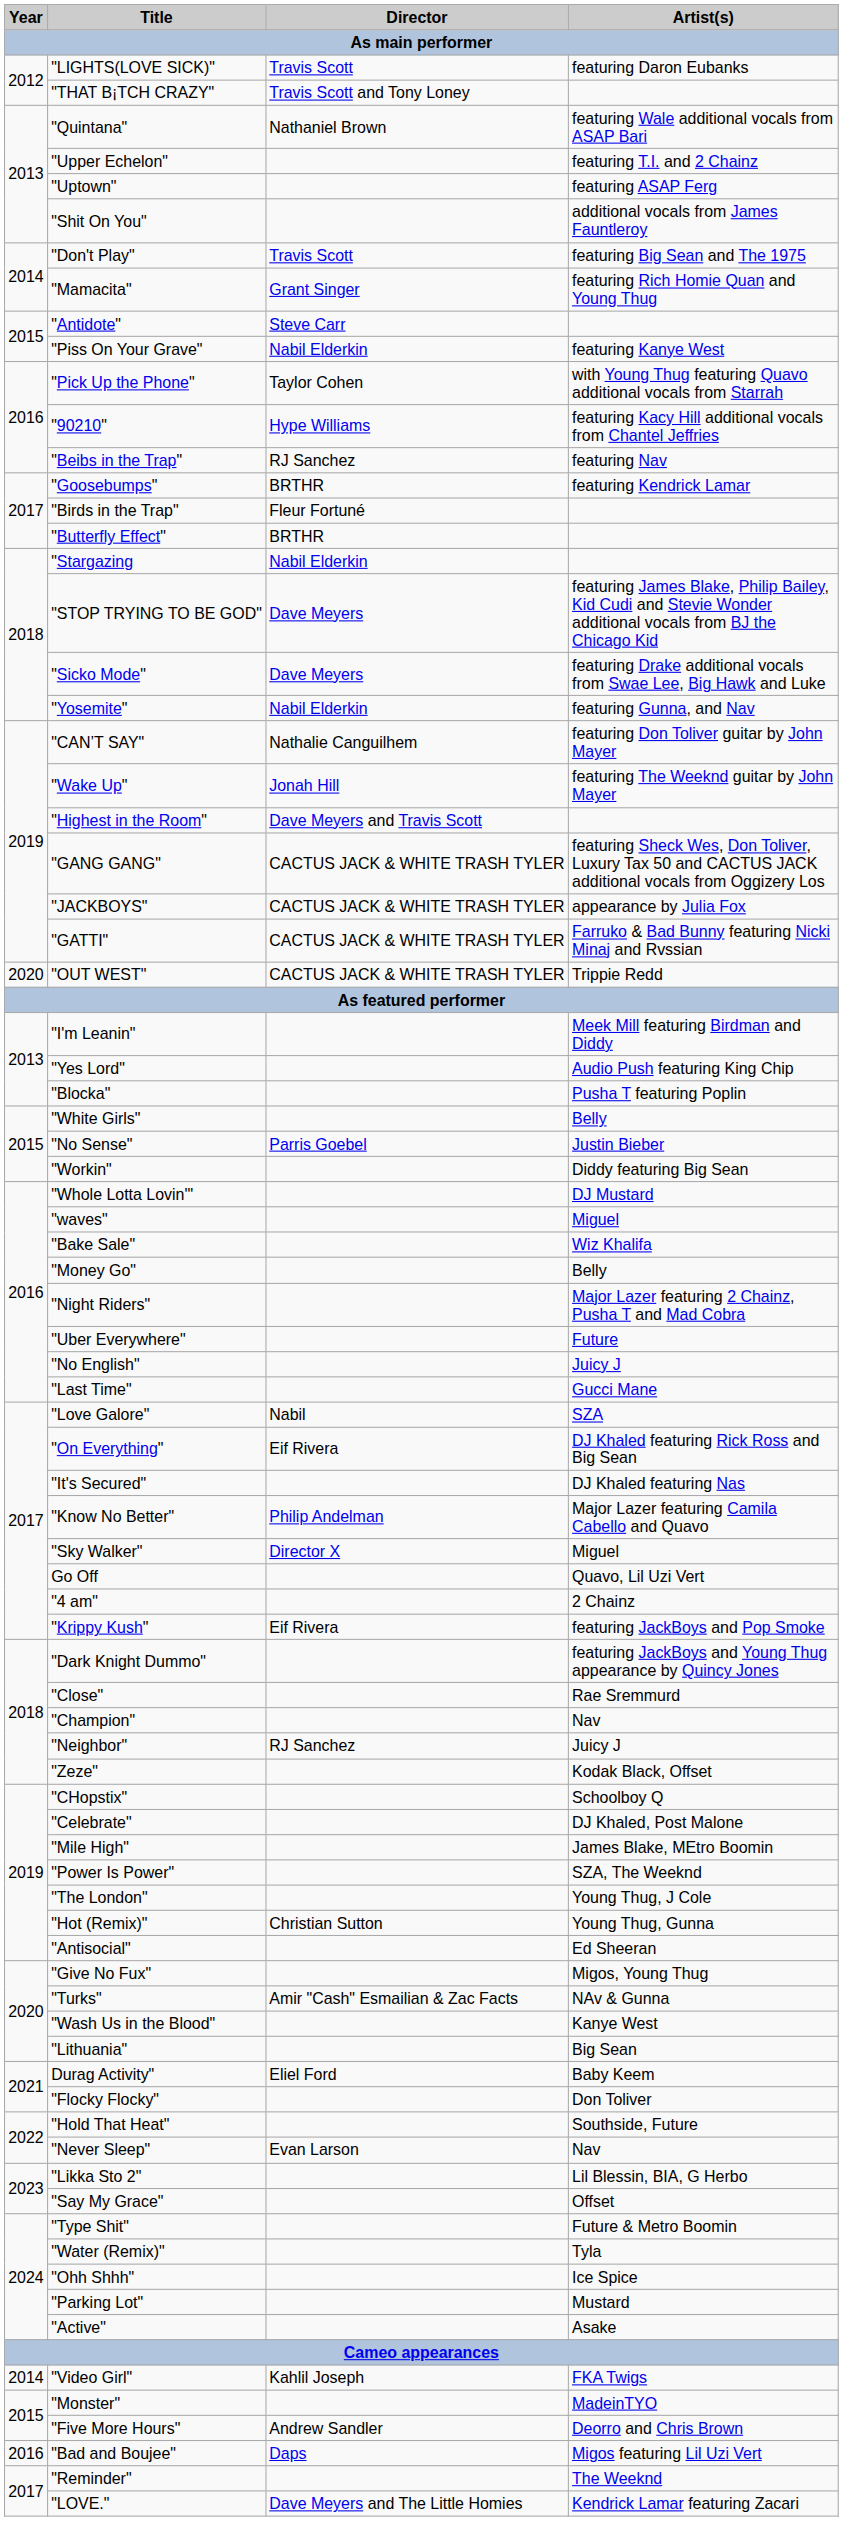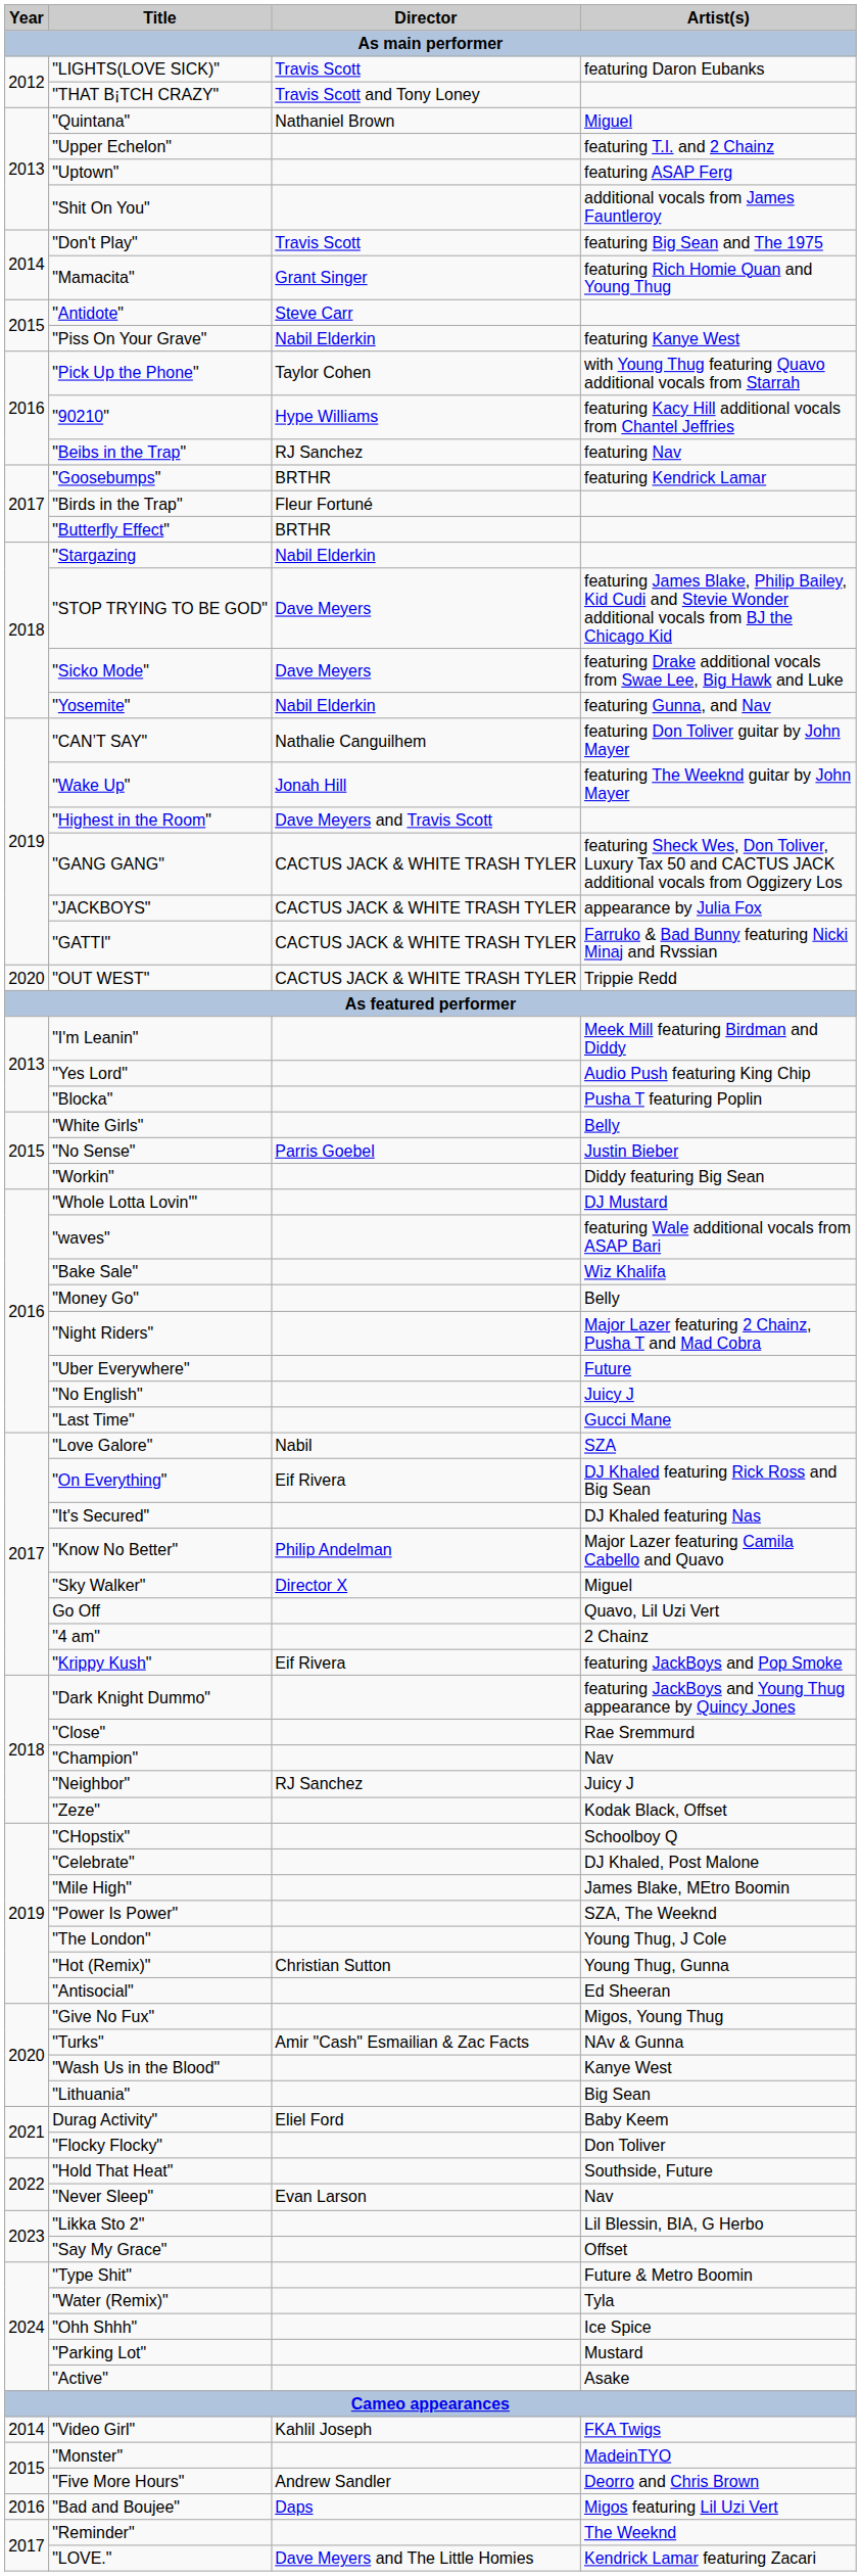 <table class="wikitable" style="font-size:95%">
 <tr>
 <th style="background:#ccc;">Year</th>
 <th style="background:#ccc;">Title</th>
 <th style="background:#ccc;">Director</th>
 <th style="background:#ccc;width:250px">Artist(s)</th>
 </tr>
 <tr style="text-align:center;">
 <th colspan="4" style="background:#B0C4DE;">As main performer</th>
 </tr>
 <tr>
 <td rowspan="2" style="text-align:center;">2012</td>
 <td>"LIGHTS(LOVE SICK)"</td>
 <td><a href='#'>Travis Scott</a></td>
 <td>featuring Daron Eubanks</td>
 </tr>
 <tr>
 <td>"THAT B¡TCH CRAZY"</td>
 <td><a href='#'>Travis Scott</a> and Tony Loney</td>
 <td></td>
 </tr>
 <tr>
 <td rowspan="4" style="text-align:center;">2013</td>
 <td>"Quintana"</td>
 <td>Nathaniel Brown</td>
-<td>featuring <a href='#'>Wale</a> additional vocals from <a href='#'>ASAP Bari</a></td>
+<td><a href='#'>Miguel</a></td>
 </tr>
 <tr>
 <td>"Upper Echelon"</td>
 <td></td>
 <td>featuring <a href='#'>T.I.</a> and <a href='#'>2 Chainz</a></td>
 </tr>
 <tr>
 <td>"Uptown"</td>
 <td></td>
 <td>featuring <a href='#'>ASAP Ferg</a></td>
 </tr>
 <tr>
 <td>"Shit On You"</td>
 <td></td>
 <td>additional vocals from <a href='#'>James Fauntleroy</a></td>
 </tr>
 <tr>
 <td rowspan="2" style="text-align:center;">2014</td>
 <td>"Don't Play"</td>
 <td><a href='#'>Travis Scott</a></td>
 <td>featuring <a href='#'>Big Sean</a> and <a href='#'>The 1975</a></td>
 </tr>
 <tr>
 <td>"Mamacita"</td>
 <td><a href='#'>Grant Singer</a></td>
 <td>featuring <a href='#'>Rich Homie Quan</a> and <a href='#'>Young Thug</a></td>
 </tr>
 <tr>
 <td rowspan="2" style="text-align:center;">2015</td>
 <td>"<a href='#'>Antidote</a>"</td>
 <td><a href='#'>Steve Carr</a></td>
 <td></td>
 </tr>
 <tr>
 <td>"Piss On Your Grave"</td>
 <td><a href='#'>Nabil Elderkin</a></td>
 <td>featuring <a href='#'>Kanye West</a></td>
 </tr>
 <tr>
 <td rowspan="3">2016</td>
 <td>"<a href='#'>Pick Up the Phone</a>"</td>
 <td>Taylor Cohen</td>
 <td>with <a href='#'>Young Thug</a> featuring <a href='#'>Quavo</a> additional vocals from <a href='#'>Starrah</a></td>
 </tr>
 <tr>
 <td>"<a href='#'>90210</a>"</td>
 <td><a href='#'>Hype Williams</a></td>
 <td>featuring <a href='#'>Kacy Hill</a> additional vocals from <a href='#'>Chantel Jeffries</a></td>
 </tr>
 <tr>
 <td>"<a href='#'>Beibs in the Trap</a>"</td>
 <td>RJ Sanchez</td>
 <td>featuring <a href='#'>Nav</a></td>
 </tr>
 <tr>
 <td rowspan="3">2017</td>
 <td>"<a href='#'>Goosebumps</a>"</td>
 <td>BRTHR</td>
 <td>featuring <a href='#'>Kendrick Lamar</a></td>
 </tr>
 <tr>
 <td>"Birds in the Trap"</td>
 <td>Fleur Fortuné</td>
 <td></td>
 </tr>
 <tr>
 <td>"<a href='#'>Butterfly Effect</a>"</td>
 <td>BRTHR</td>
 <td></td>
 </tr>
 <tr>
 <td rowspan="4" style="text-align:center;">2018</td>
 <td>"<a href='#'>Stargazing</a></td>
 <td><a href='#'>Nabil Elderkin</a></td>
 <td></td>
 </tr>
 <tr>
 <td>"STOP TRYING TO BE GOD"</td>
 <td><a href='#'>Dave Meyers</a></td>
 <td>featuring <a href='#'>James Blake</a>, <a href='#'>Philip Bailey</a>, <a href='#'>Kid Cudi</a> and <a href='#'>Stevie Wonder</a> additional vocals from <a href='#'>BJ the Chicago Kid</a></td>
 </tr>
 <tr>
 <td>"<a href='#'>Sicko Mode</a>"</td>
 <td><a href='#'>Dave Meyers</a></td>
 <td>featuring <a href='#'>Drake</a> additional vocals from <a href='#'>Swae Lee</a>, <a href='#'>Big Hawk</a> and Luke</td>
 </tr>
 <tr>
 <td>"<a href='#'>Yosemite</a>"</td>
 <td><a href='#'>Nabil Elderkin</a></td>
 <td>featuring <a href='#'>Gunna</a>, and <a href='#'>Nav</a></td>
 </tr>
 <tr>
 <td rowspan="6" style="text-align:center;">2019</td>
 <td>"CAN’T SAY"</td>
 <td>Nathalie Canguilhem</td>
 <td>featuring <a href='#'>Don Toliver</a> guitar by <a href='#'>John Mayer</a></td>
 </tr>
 <tr>
 <td>"<a href='#'>Wake Up</a>"</td>
 <td><a href='#'>Jonah Hill</a></td>
 <td>featuring <a href='#'>The Weeknd</a> guitar by <a href='#'>John Mayer</a></td>
 </tr>
 <tr>
 <td>"<a href='#'>Highest in the Room</a>"</td>
 <td><a href='#'>Dave Meyers</a> and <a href='#'>Travis Scott</a></td>
 <td></td>
 </tr>
 <tr>
 <td>"GANG GANG"</td>
 <td>CACTUS JACK & WHITE TRASH TYLER</td>
 <td>featuring <a href='#'>Sheck Wes</a>, <a href='#'>Don Toliver</a>, Luxury Tax 50 and CACTUS JACK additional vocals from Oggizery Los</td>
 </tr>
 <tr>
 <td>"JACKBOYS"</td>
 <td>CACTUS JACK & WHITE TRASH TYLER</td>
 <td>appearance by <a href='#'>Julia Fox</a></td>
 </tr>
 <tr>
 <td>"GATTI"</td>
 <td>CACTUS JACK & WHITE TRASH TYLER</td>
 <td><a href='#'>Farruko</a> & <a href='#'>Bad Bunny</a> featuring <a href='#'>Nicki Minaj</a> and Rvssian</td>
 </tr>
 <tr>
 <td rowspan="1" style="text-align:center;">2020</td>
 <td>"OUT WEST"</td>
 <td>CACTUS JACK & WHITE TRASH TYLER</td>
 <td>Trippie Redd</td>
 </tr>
 <tr>
 <th colspan="4" style="background:#B0C4DE;">As featured performer</th>
 </tr>
 <tr>
 <td style="text-align:center;" rowspan="3">2013</td>
 <td>"I'm Leanin"</td>
 <td></td>
 <td><a href='#'>Meek Mill</a> featuring <a href='#'>Birdman</a> and <a href='#'>Diddy</a></td>
 </tr>
 <tr>
 <td>"Yes Lord"</td>
 <td></td>
 <td><a href='#'>Audio Push</a> featuring King Chip</td>
 </tr>
 <tr>
 <td>"Blocka"</td>
 <td></td>
 <td><a href='#'>Pusha T</a> featuring Poplin</td>
 </tr>
 <tr>
 <td style="text-align:center;" rowspan="3">2015</td>
 <td>"White Girls"</td>
 <td></td>
 <td><a href='#'>Belly</a></td>
 </tr>
 <tr>
 <td>"No Sense"</td>
 <td><a href='#'>Parris Goebel</a></td>
 <td><a href='#'>Justin Bieber</a></td>
 </tr>
 <tr>
 <td>"Workin"</td>
 <td></td>
 <td>Diddy featuring Big Sean</td>
 </tr>
 <tr>
 <td style="text-align:center;" rowspan="8">2016</td>
 <td>"Whole Lotta Lovin'"</td>
 <td></td>
 <td><a href='#'>DJ Mustard</a></td>
 </tr>
 <tr>
 <td>"waves"</td>
 <td></td>
-<td><a href='#'>Miguel</a></td>
+<td>featuring <a href='#'>Wale</a> additional vocals from <a href='#'>ASAP Bari</a></td>
 </tr>
 <tr>
 <td>"Bake Sale"</td>
 <td></td>
 <td><a href='#'>Wiz Khalifa</a></td>
 </tr>
 <tr>
 <td>"Money Go"</td>
 <td></td>
 <td>Belly</td>
 </tr>
 <tr>
 <td>"Night Riders"</td>
 <td></td>
 <td><a href='#'>Major Lazer</a> featuring <a href='#'>2 Chainz</a>, <a href='#'>Pusha T</a> and <a href='#'>Mad Cobra</a></td>
 </tr>
 <tr>
 <td>"Uber Everywhere"</td>
 <td></td>
 <td><a href='#'>Future</a></td>
 </tr>
 <tr>
 <td>"No English"</td>
 <td></td>
 <td><a href='#'>Juicy J</a></td>
 </tr>
 <tr>
 <td>"Last Time"</td>
 <td></td>
 <td><a href='#'>Gucci Mane</a></td>
 </tr>
 <tr>
 <td rowspan="8" style="text-align:center;">2017</td>
 <td>"Love Galore"</td>
 <td>Nabil</td>
 <td><a href='#'>SZA</a></td>
 </tr>
 <tr>
 <td>"<a href='#'>On Everything</a>"</td>
 <td>Eif Rivera</td>
 <td><a href='#'>DJ Khaled</a> featuring <a href='#'>Rick Ross</a> and Big Sean</td>
 </tr>
 <tr>
 <td>"It's Secured"</td>
 <td></td>
 <td>DJ Khaled featuring <a href='#'>Nas</a></td>
 </tr>
 <tr>
 <td>"Know No Better"</td>
 <td><a href='#'>Philip Andelman</a></td>
 <td>Major Lazer featuring <a href='#'>Camila Cabello</a> and Quavo</td>
 </tr>
 <tr>
 <td>"Sky Walker"</td>
 <td><a href='#'>Director X</a></td>
 <td>Miguel</td>
 </tr>
 <tr>
 <td>Go Off</td>
 <td></td>
 <td>Quavo, Lil Uzi Vert</td>
 </tr>
 <tr>
 <td>"4 am"</td>
 <td></td>
 <td>2 Chainz</td>
 </tr>
 <tr>
 <td>"<a href='#'>Krippy Kush</a>"</td>
 <td>Eif Rivera</td>
 <td>featuring <a href='#'>JackBoys</a> and <a href='#'>Pop Smoke</a></td>
 </tr>
 <tr>
 <td rowspan="5">2018</td>
 <td>"Dark Knight Dummo"</td>
 <td></td>
 <td>featuring <a href='#'>JackBoys</a> and <a href='#'>Young Thug</a> appearance by <a href='#'>Quincy Jones</a></td>
 </tr>
 <tr>
 <td>"Close"</td>
 <td></td>
 <td>Rae Sremmurd</td>
 </tr>
 <tr>
 <td>"Champion"</td>
 <td></td>
 <td>Nav</td>
 </tr>
 <tr>
 <td>"Neighbor"</td>
 <td>RJ Sanchez</td>
 <td>Juicy J</td>
 </tr>
 <tr>
 <td>"Zeze"</td>
 <td></td>
 <td>Kodak Black, Offset</td>
 </tr>
 <tr>
 <td rowspan="7">2019</td>
 <td>"CHopstix"</td>
 <td></td>
 <td>Schoolboy Q</td>
 </tr>
 <tr>
 <td>"Celebrate"</td>
 <td></td>
 <td>DJ Khaled, Post Malone</td>
 </tr>
 <tr>
 <td>"Mile High"</td>
 <td></td>
 <td>James Blake, MEtro Boomin</td>
 </tr>
 <tr>
 <td>"Power Is Power"</td>
 <td></td>
 <td>SZA, The Weeknd</td>
 </tr>
 <tr>
 <td>"The London"</td>
 <td></td>
 <td>Young Thug, J Cole</td>
 </tr>
 <tr>
 <td>"Hot (Remix)"</td>
 <td>Christian Sutton</td>
 <td>Young Thug, Gunna</td>
 </tr>
 <tr>
 <td>"Antisocial"</td>
 <td></td>
 <td>Ed Sheeran</td>
 </tr>
 <tr>
 <td rowspan="4">2020</td>
 <td>"Give No Fux"</td>
 <td></td>
 <td>Migos, Young Thug</td>
 </tr>
 <tr>
 <td>"Turks"</td>
 <td>Amir "Cash" Esmailian & Zac Facts</td>
 <td>NAv & Gunna</td>
 </tr>
 <tr>
 <td>"Wash Us in the Blood"</td>
 <td></td>
 <td>Kanye West</td>
 </tr>
 <tr>
 <td>"Lithuania"</td>
 <td></td>
 <td>Big Sean</td>
 </tr>
 <tr>
 <td rowspan="2">2021</td>
 <td>Durag Activity"</td>
 <td>Eliel Ford</td>
 <td>Baby Keem</td>
 </tr>
 <tr>
 <td>"Flocky Flocky"</td>
 <td></td>
 <td>Don Toliver</td>
 </tr>
 <tr>
 <td rowspan="2">2022</td>
 <td>"Hold That Heat"</td>
 <td></td>
 <td>Southside, Future</td>
 </tr>
 <tr>
 <td>"Never Sleep"</td>
 <td>Evan Larson</td>
 <td>Nav</td>
 </tr>
 <tr>
 <td rowspan="2">2023</td>
 <td>"Likka Sto 2"</td>
 <td></td>
 <td>Lil Blessin, BIA, G Herbo</td>
 </tr>
 <tr>
 <td>"Say My Grace"</td>
 <td></td>
 <td>Offset</td>
 </tr>
 <tr>
 <td rowspan="5">2024</td>
 <td>"Type Shit"</td>
 <td></td>
 <td>Future & Metro Boomin</td>
 </tr>
 <tr>
 <td>"Water (Remix)"</td>
 <td></td>
 <td>Tyla</td>
 </tr>
 <tr>
 <td>"Ohh Shhh"</td>
 <td></td>
 <td>Ice Spice</td>
 </tr>
 <tr>
 <td>"Parking Lot"</td>
 <td></td>
 <td>Mustard</td>
 </tr>
 <tr>
 <td>"Active"</td>
 <td></td>
 <td>Asake</td>
 </tr>
 <tr>
 <th colspan="4" style="background:#B0C4DE;"><a href='#'>Cameo appearances</a></th>
 </tr>
 <tr>
 <td style="text-align:center;">2014</td>
 <td>"Video Girl"</td>
 <td>Kahlil Joseph</td>
 <td><a href='#'>FKA Twigs</a></td>
 </tr>
 <tr>
 <td style="text-align:center;" rowspan="2">2015</td>
 <td>"Monster"</td>
 <td></td>
 <td><a href='#'>MadeinTYO</a></td>
 </tr>
 <tr>
 <td>"Five More Hours"</td>
 <td>Andrew Sandler</td>
 <td><a href='#'>Deorro</a> and <a href='#'>Chris Brown</a></td>
 </tr>
 <tr>
 <td style="text-align:center;">2016</td>
 <td>"Bad and Boujee"</td>
 <td><a href='#'>Daps</a></td>
 <td><a href='#'>Migos</a> featuring <a href='#'>Lil Uzi Vert</a></td>
 </tr>
 <tr>
 <td rowspan="2" style="text-align:center;">2017</td>
 <td>"Reminder"</td>
 <td></td>
 <td><a href='#'>The Weeknd</a></td>
 </tr>
 <tr>
 <td>"LOVE."</td>
 <td><a href='#'>Dave Meyers</a> and The Little Homies</td>
 <td><a href='#'>Kendrick Lamar</a> featuring Zacari</td>
 </tr>
 </table>
